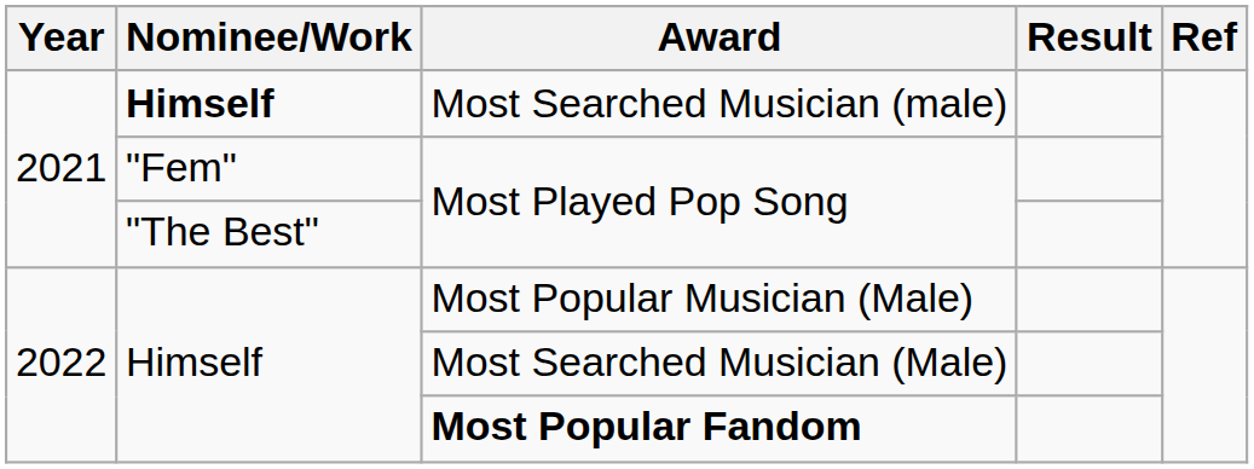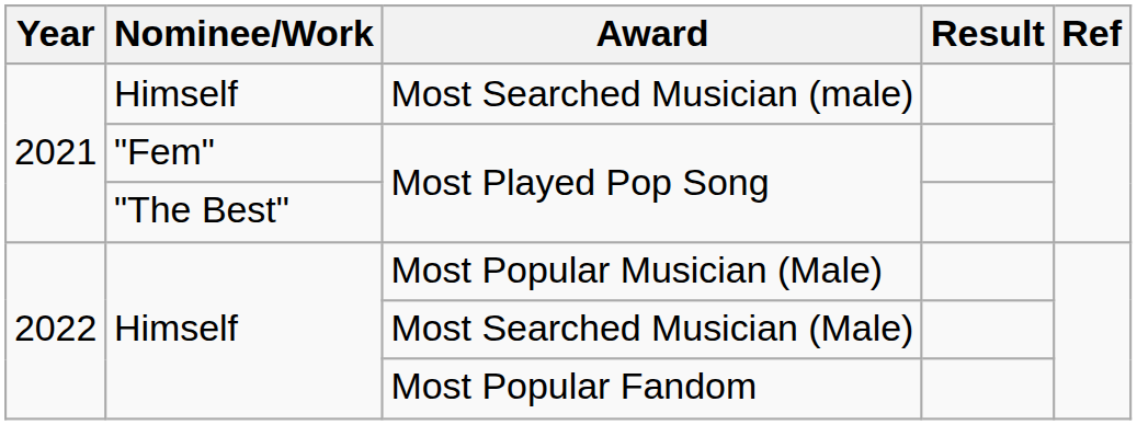 <table class="wikitable">
 <tr>
 <th>Year</th>
 <th>Nominee/Work</th>
 <th>Award</th>
 <th>Result</th>
 <th>Ref</th>
 </tr>
 <tr>
 <td rowspan="3">2021</td>
-<td><strong>Himself</strong></td>
+<td>Himself</td>
 <td>Most Searched Musician (male)</td>
 <td></td>
 <td rowspan="3"></td>
 </tr>
 <tr>
 <td>"Fem"</td>
 <td rowspan="2">Most Played Pop Song</td>
 <td></td>
 </tr>
 <tr>
 <td>"The Best" </td>
 <td></td>
 </tr>
 <tr>
 <td rowspan="3">2022</td>
 <td rowspan="3">Himself</td>
 <td>Most Popular Musician (Male)</td>
 <td></td>
 <td rowspan="3"></td>
 </tr>
 <tr>
 <td>Most Searched Musician (Male)</td>
 <td></td>
 </tr>
 <tr>
-<td><strong>Most Popular Fandom</strong></td>
+<td>Most Popular Fandom</td>
 <td></td>
 </tr>
 </table>
